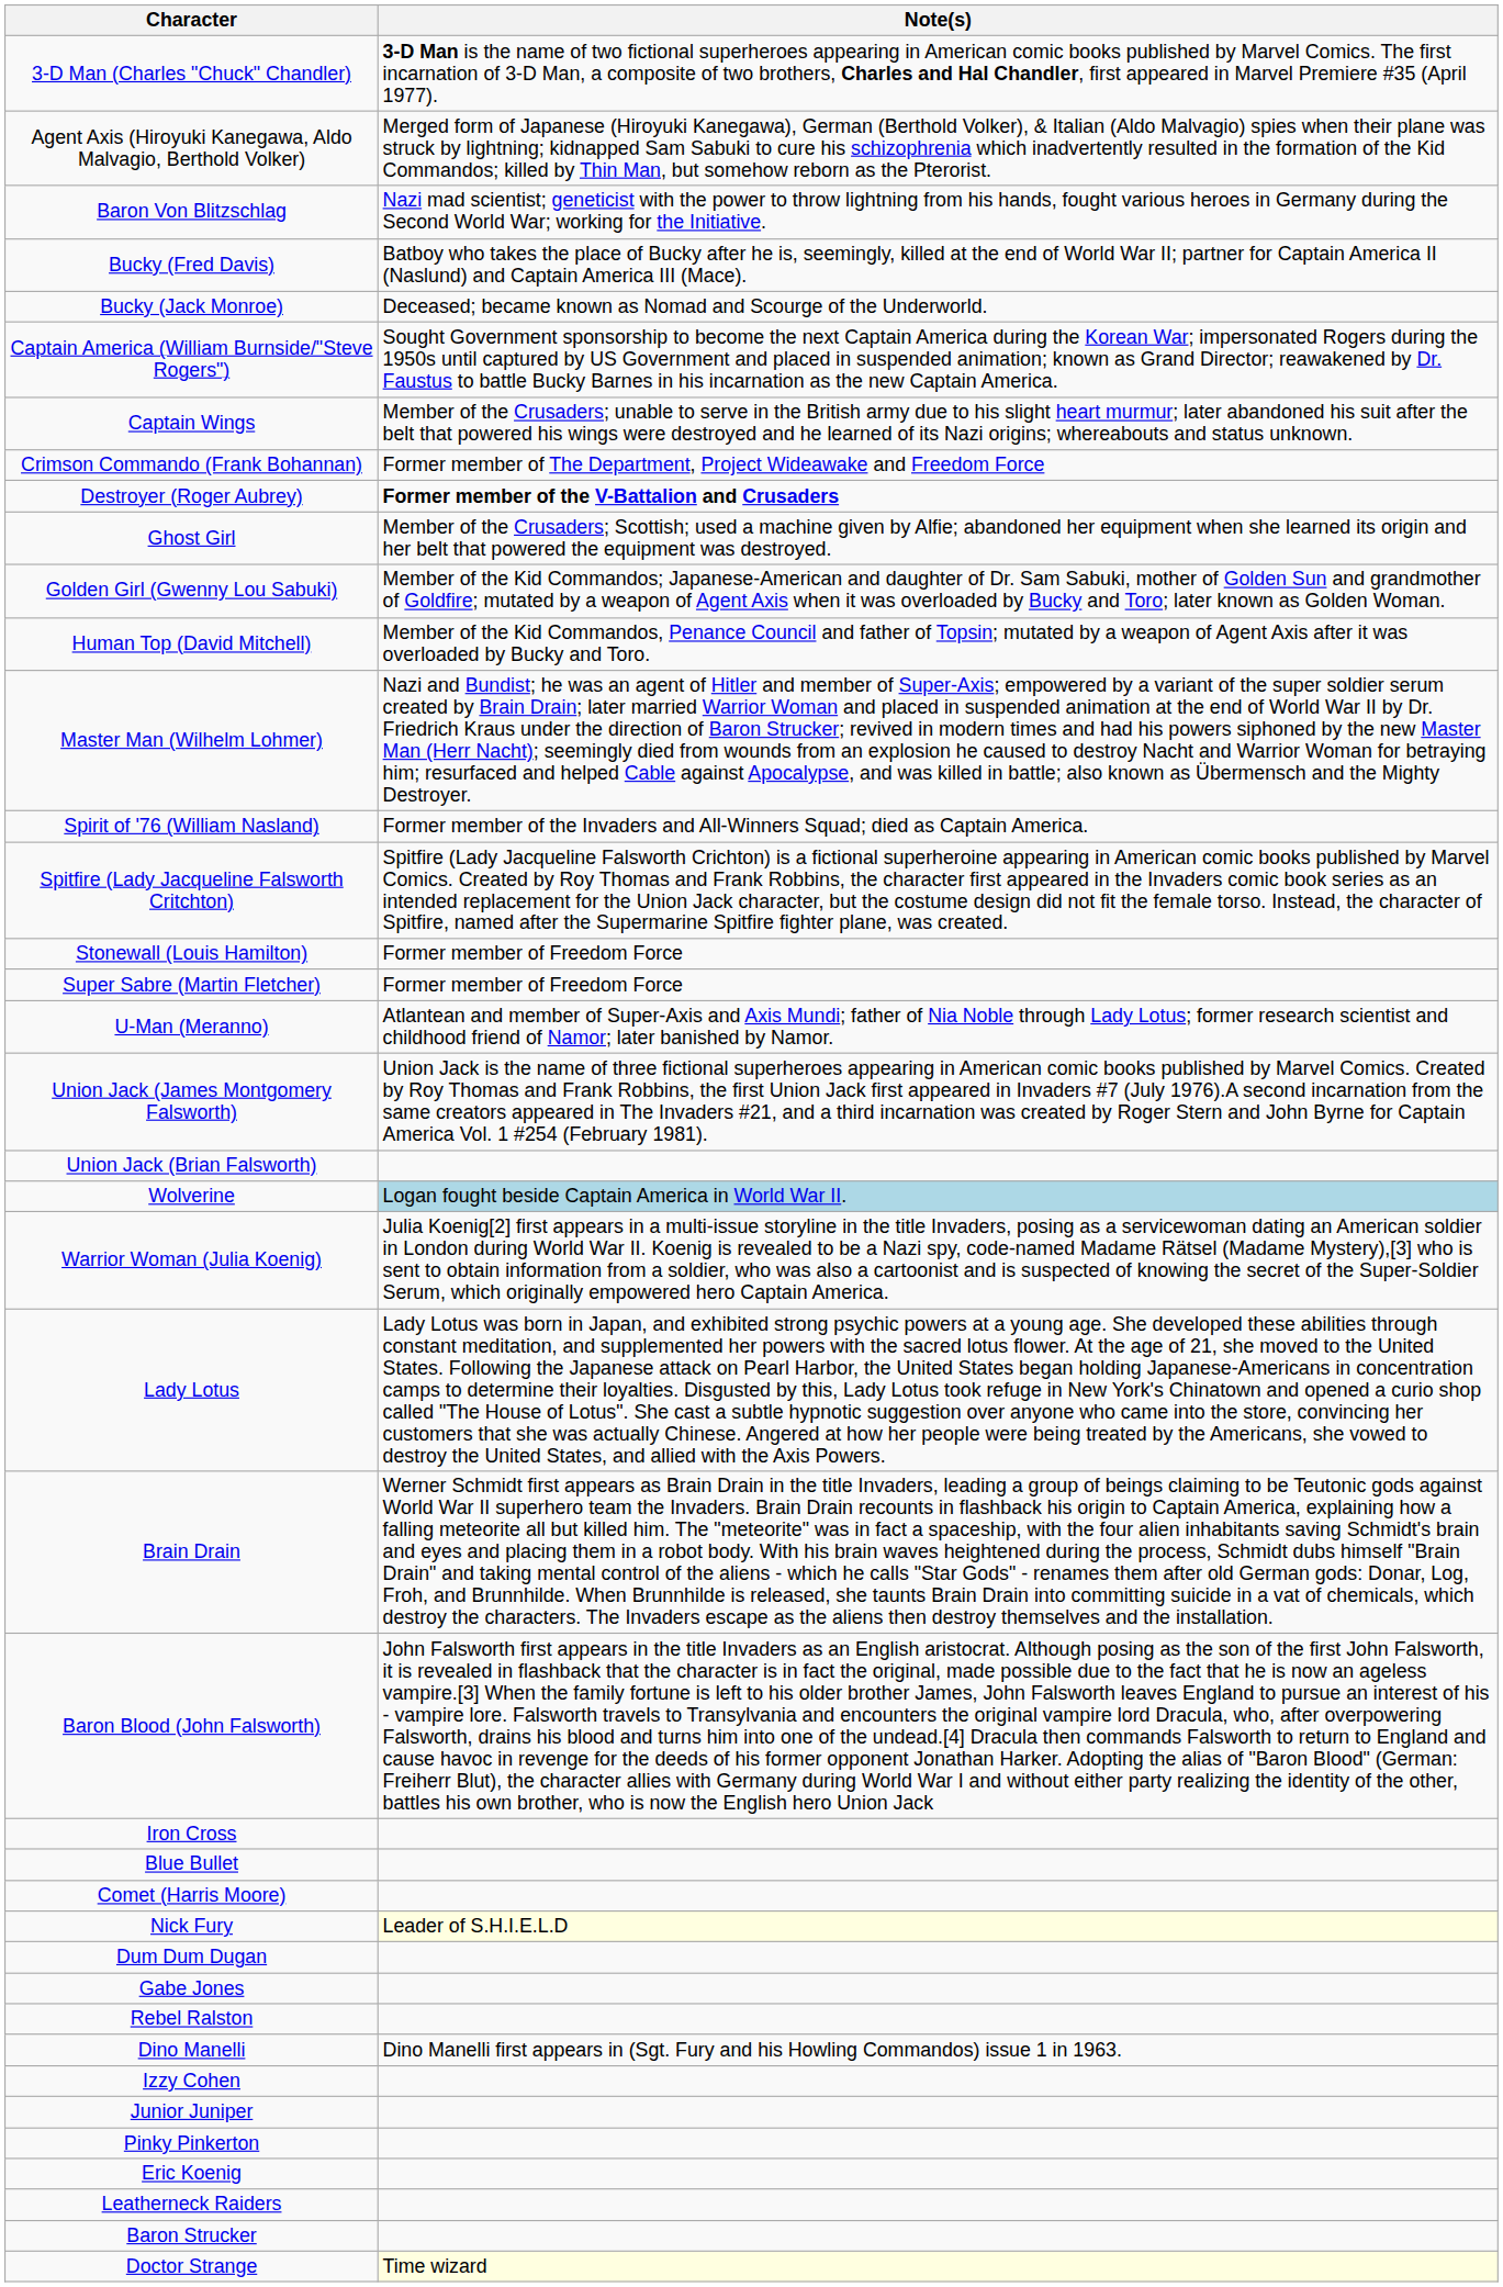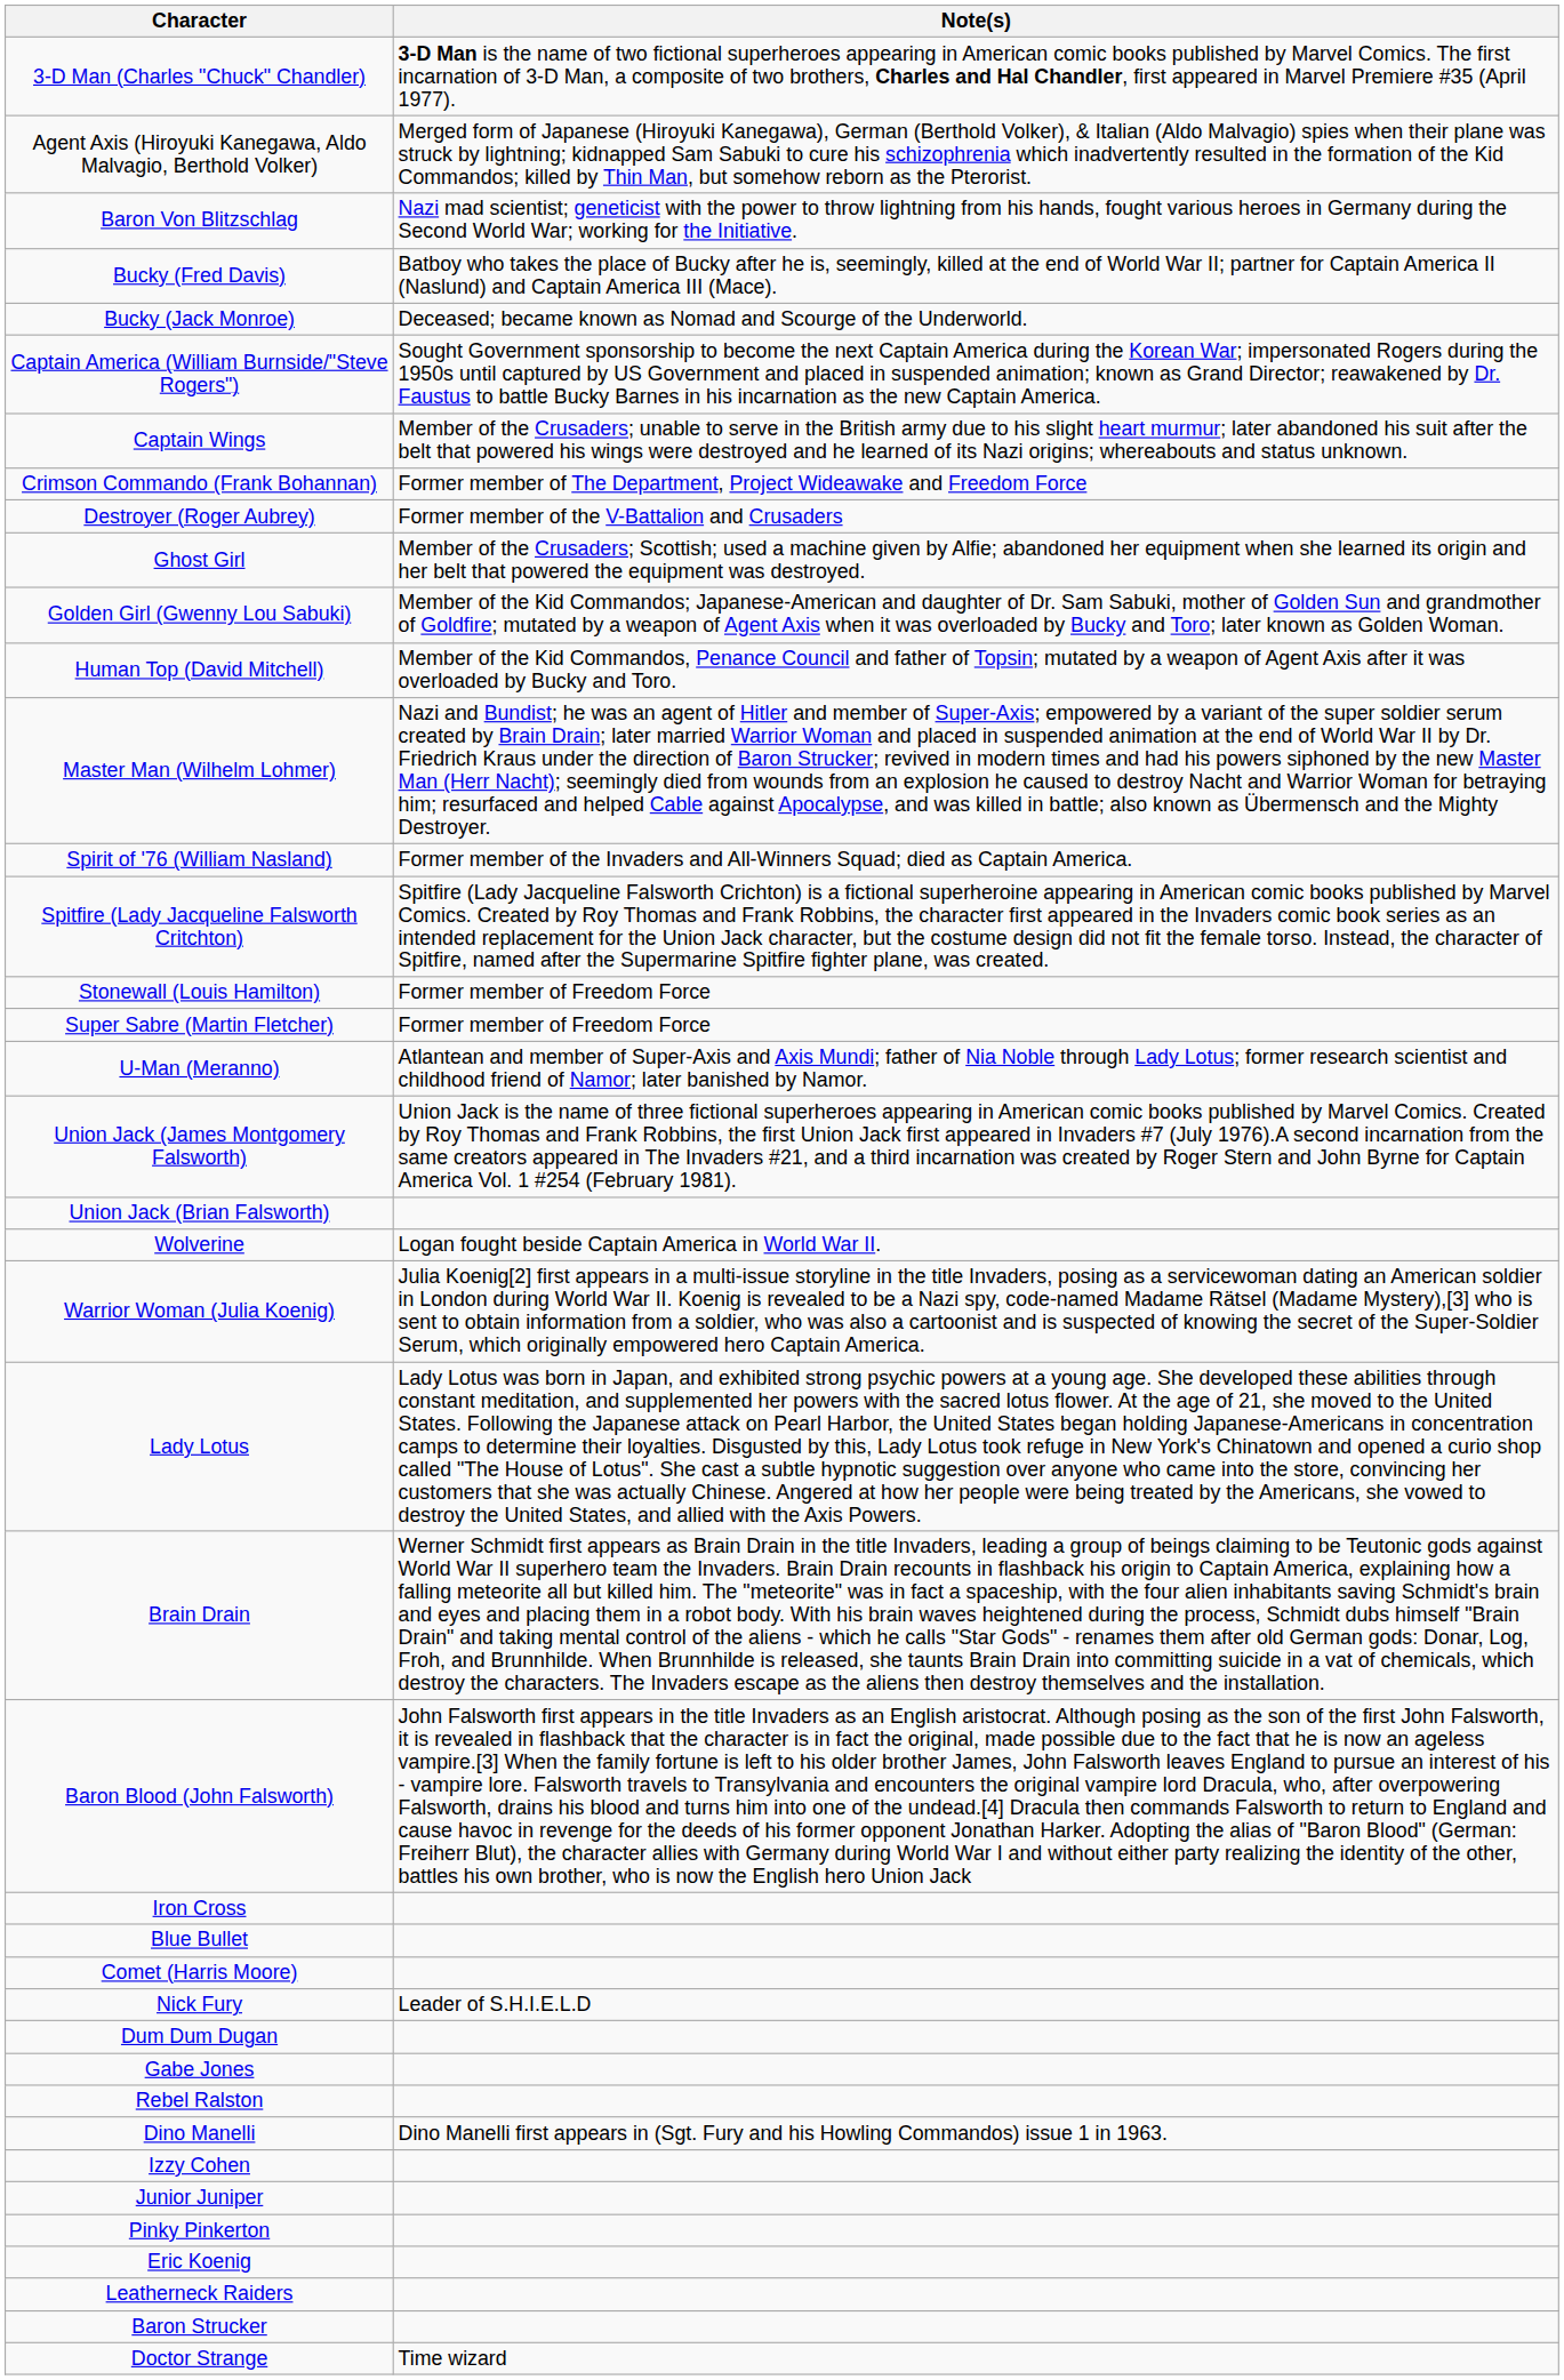 <table class="wikitable sortable" style="width:97%;">
 <tr>
 <th width=25%>Character</th>
 <th width=80%>Note(s)</th>
 </tr>
 <tr>
 <td align=center><a href='#'>3-D Man (Charles "Chuck" Chandler)</a></td>
 <td><strong>3-D Man</strong> is the name of two fictional superheroes appearing in American comic books published by Marvel Comics. The first incarnation of 3-D Man, a composite of two brothers, <strong>Charles and Hal Chandler</strong>, first appeared in Marvel Premiere #35 (April 1977).</td>
 </tr>
 <tr>
 <td align=center>Agent Axis (Hiroyuki Kanegawa, Aldo Malvagio, Berthold Volker)</td>
 <td>Merged form of Japanese (Hiroyuki Kanegawa), German (Berthold Volker), & Italian (Aldo Malvagio) spies when their plane was struck by lightning; kidnapped Sam Sabuki to cure his <a href='#'>schizophrenia</a> which inadvertently resulted in the formation of the Kid Commandos; killed by <a href='#'>Thin Man</a>, but somehow reborn as the Pterorist.</td>
 </tr>
 <tr>
 <td align=center><a href='#'>Baron Von Blitzschlag</a></td>
 <td><a href='#'>Nazi</a> mad scientist; <a href='#'>geneticist</a> with the power to throw lightning from his hands, fought various heroes in Germany during the Second World War; working for <a href='#'>the Initiative</a>.</td>
 </tr>
 <tr>
 <td align=center><a href='#'>Bucky (Fred Davis)</a></td>
 <td>Batboy who takes the place of Bucky after he is, seemingly, killed at the end of World War II; partner for Captain America II (Naslund) and Captain America III (Mace).</td>
 </tr>
 <tr>
 <td align=center><a href='#'>Bucky (Jack Monroe)</a></td>
 <td>Deceased; became known as Nomad and Scourge of the Underworld.</td>
 </tr>
 <tr>
 <td align=center><a href='#'>Captain America (William Burnside/"Steve Rogers")</a></td>
 <td>Sought Government sponsorship to become the next Captain America during the <a href='#'>Korean War</a>; impersonated Rogers during the 1950s until captured by US Government and placed in suspended animation; known as Grand Director; reawakened by <a href='#'>Dr. Faustus</a> to battle Bucky Barnes in his incarnation as the new Captain America.</td>
 </tr>
 <tr>
 <td align=center><a href='#'>Captain Wings</a></td>
 <td>Member of the <a href='#'>Crusaders</a>; unable to serve in the British army due to his slight <a href='#'>heart murmur</a>; later abandoned his suit after the belt that powered his wings were destroyed and he learned of its Nazi origins; whereabouts and status unknown.</td>
 </tr>
 <tr>
 <td align=center><a href='#'>Crimson Commando (Frank Bohannan)</a></td>
 <td>Former member of <a href='#'>The Department</a>, <a href='#'>Project Wideawake</a> and <a href='#'>Freedom Force</a></td>
 </tr>
 <tr>
 <td align=center><a href='#'>Destroyer (Roger Aubrey)</a></td>
-<td><strong>Former member of the <a href='#'>V-Battalion</a> and <a href='#'>Crusaders</a></strong></td>
+<td>Former member of the <a href='#'>V-Battalion</a> and <a href='#'>Crusaders</a></td>
 </tr>
 <tr>
 <td align=center><a href='#'>Ghost Girl</a></td>
 <td>Member of the <a href='#'>Crusaders</a>; Scottish; used a machine given by Alfie; abandoned her equipment when she learned its origin and her belt that powered the equipment was destroyed.</td>
 </tr>
 <tr>
 <td align=center><a href='#'>Golden Girl (Gwenny Lou Sabuki)</a></td>
 <td>Member of the Kid Commandos; Japanese-American and daughter of Dr. Sam Sabuki, mother of <a href='#'>Golden Sun</a> and grandmother of <a href='#'>Goldfire</a>; mutated by a weapon of <a href='#'>Agent Axis</a> when it was overloaded by <a href='#'>Bucky</a> and <a href='#'>Toro</a>; later known as Golden Woman.</td>
 </tr>
 <tr>
 <td align=center><a href='#'>Human Top (David Mitchell)</a></td>
 <td>Member of the Kid Commandos, <a href='#'>Penance Council</a> and father of <a href='#'>Topsin</a>; mutated by a weapon of Agent Axis after it was overloaded by Bucky and Toro.</td>
 </tr>
 <tr>
 <td align=center><a href='#'>Master Man (Wilhelm Lohmer)</a></td>
 <td>Nazi and <a href='#'>Bundist</a>; he was an agent of <a href='#'>Hitler</a> and member of <a href='#'>Super-Axis</a>; empowered by a variant of the super soldier serum created by <a href='#'>Brain Drain</a>; later married <a href='#'>Warrior Woman</a> and placed in suspended animation at the end of World War II by Dr. Friedrich Kraus under the direction of <a href='#'>Baron Strucker</a>; revived in modern times and had his powers siphoned by the new <a href='#'>Master Man (Herr Nacht)</a>; seemingly died from wounds from an explosion he caused to destroy Nacht and Warrior Woman for betraying him; resurfaced and helped <a href='#'>Cable</a> against <a href='#'>Apocalypse</a>, and was killed in battle; also known as Übermensch and the Mighty Destroyer.</td>
 </tr>
 <tr>
 <td align=center><a href='#'>Spirit of '76 (William Nasland)</a></td>
 <td>Former member of the Invaders and All-Winners Squad; died as Captain America.</td>
 </tr>
 <tr>
 <td align=center><a href='#'>Spitfire (Lady Jacqueline Falsworth Critchton)</a></td>
 <td>Spitfire (Lady Jacqueline Falsworth Crichton) is a fictional superheroine appearing in American comic books published by Marvel Comics. Created by Roy Thomas and Frank Robbins, the character first appeared in the Invaders comic book series as an intended replacement for the Union Jack character, but the costume design did not fit the female torso. Instead, the character of Spitfire, named after the Supermarine Spitfire fighter plane, was created.</td>
 </tr>
 <tr>
 <td align=center><a href='#'>Stonewall (Louis Hamilton)</a></td>
 <td>Former member of Freedom Force</td>
 </tr>
 <tr>
 <td align=center><a href='#'>Super Sabre (Martin Fletcher)</a></td>
 <td>Former member of Freedom Force</td>
 </tr>
 <tr>
 <td align=center><a href='#'>U-Man (Meranno)</a></td>
 <td>Atlantean and member of Super-Axis and <a href='#'>Axis Mundi</a>; father of <a href='#'>Nia Noble</a> through <a href='#'>Lady Lotus</a>; former research scientist and childhood friend of <a href='#'>Namor</a>; later banished by Namor.</td>
 </tr>
 <tr>
 <td align=center><a href='#'>Union Jack (James Montgomery Falsworth)</a></td>
 <td>Union Jack is the name of three fictional superheroes appearing in American comic books published by Marvel Comics. Created by Roy Thomas and Frank Robbins, the first Union Jack first appeared in Invaders #7 (July 1976).A second incarnation from the same creators appeared in The Invaders #21, and a third incarnation was created by Roger Stern and John Byrne for Captain America Vol. 1 #254 (February 1981).</td>
 </tr>
 <tr>
 <td align=center><a href='#'>Union Jack (Brian Falsworth)</a></td>
 <td></td>
 </tr>
 <tr>
 <td align=center><a href='#'>Wolverine</a></td>
-<td style="background: lightblue;">Logan fought beside Captain America in <a href='#'>World War II</a>.</td>
+<td>Logan fought beside Captain America in <a href='#'>World War II</a>.</td>
 </tr>
 <tr>
 <td align=center><a href='#'>Warrior Woman (Julia Koenig)</a></td>
 <td>Julia Koenig[2] first appears in a multi-issue storyline in the title Invaders, posing as a servicewoman dating an American soldier in London during World War II. Koenig is revealed to be a Nazi spy, code-named Madame Rätsel (Madame Mystery),[3] who is sent to obtain information from a soldier, who was also a cartoonist and is suspected of knowing the secret of the Super-Soldier Serum, which originally empowered hero Captain America.</td>
 </tr>
 <tr>
 <td align=center><a href='#'>Lady Lotus</a></td>
 <td>Lady Lotus was born in Japan, and exhibited strong psychic powers at a young age. She developed these abilities through constant meditation, and supplemented her powers with the sacred lotus flower. At the age of 21, she moved to the United States. Following the Japanese attack on Pearl Harbor, the United States began holding Japanese-Americans in concentration camps to determine their loyalties. Disgusted by this, Lady Lotus took refuge in New York's Chinatown and opened a curio shop called "The House of Lotus". She cast a subtle hypnotic suggestion over anyone who came into the store, convincing her customers that she was actually Chinese. Angered at how her people were being treated by the Americans, she vowed to destroy the United States, and allied with the Axis Powers.</td>
 </tr>
 <tr>
 <td align=center><a href='#'>Brain Drain</a></td>
 <td>Werner Schmidt first appears as Brain Drain in the title Invaders, leading a group of beings claiming to be Teutonic gods against World War II superhero team the Invaders. Brain Drain recounts in flashback his origin to Captain America, explaining how a falling meteorite all but killed him. The "meteorite" was in fact a spaceship, with the four alien inhabitants saving Schmidt's brain and eyes and placing them in a robot body. With his brain waves heightened during the process, Schmidt dubs himself "Brain Drain" and taking mental control of the aliens - which he calls "Star Gods" - renames them after old German gods: Donar, Log, Froh, and Brunnhilde. When Brunnhilde is released, she taunts Brain Drain into committing suicide in a vat of chemicals, which destroy the characters. The Invaders escape as the aliens then destroy themselves and the installation.</td>
 </tr>
 <tr>
 <td align=center><a href='#'>Baron Blood (John Falsworth)</a></td>
 <td>John Falsworth first appears in the title Invaders as an English aristocrat. Although posing as the son of the first John Falsworth, it is revealed in flashback that the character is in fact the original, made possible due to the fact that he is now an ageless vampire.[3] When the family fortune is left to his older brother James, John Falsworth leaves England to pursue an interest of his - vampire lore. Falsworth travels to Transylvania and encounters the original vampire lord Dracula, who, after overpowering Falsworth, drains his blood and turns him into one of the undead.[4] Dracula then commands Falsworth to return to England and cause havoc in revenge for the deeds of his former opponent Jonathan Harker. Adopting the alias of "Baron Blood" (German: Freiherr Blut), the character allies with Germany during World War I and without either party realizing the identity of the other, battles his own brother, who is now the English hero Union Jack</td>
 </tr>
 <tr>
 <td align=center><a href='#'>Iron Cross</a></td>
 <td></td>
 </tr>
 <tr>
 <td align=center><a href='#'>Blue Bullet</a></td>
 <td></td>
 </tr>
 <tr>
 <td align=center><a href='#'>Comet (Harris Moore)</a></td>
 <td></td>
 </tr>
 <tr>
 <td align=center><a href='#'>Nick Fury</a></td>
-<td style="background: lightyellow;">Leader of S.H.I.E.L.D</td>
+<td>Leader of S.H.I.E.L.D</td>
 </tr>
 <tr>
 <td align=center><a href='#'>Dum Dum Dugan</a></td>
 <td></td>
 </tr>
 <tr>
 <td align=center><a href='#'>Gabe Jones</a></td>
 <td></td>
 </tr>
 <tr>
 <td align=center><a href='#'>Rebel Ralston</a></td>
 <td></td>
 </tr>
 <tr>
 <td align=center><a href='#'>Dino Manelli</a></td>
 <td>Dino Manelli first appears in (Sgt. Fury and his Howling Commandos) issue 1 in 1963.</td>
 </tr>
 <tr>
 <td align=center><a href='#'>Izzy Cohen</a></td>
 <td></td>
 </tr>
 <tr>
 <td align=center><a href='#'>Junior Juniper</a></td>
 <td></td>
 </tr>
 <tr>
 <td align=center><a href='#'>Pinky Pinkerton</a></td>
 <td></td>
 </tr>
 <tr>
 <td align=center><a href='#'>Eric Koenig</a></td>
 <td></td>
 </tr>
 <tr>
 <td align=center><a href='#'>Leatherneck Raiders</a></td>
 <td></td>
 </tr>
 <tr>
 <td align=center><a href='#'>Baron Strucker</a></td>
 <td></td>
 </tr>
 <tr>
 <td align=center><a href='#'>Doctor Strange</a></td>
-<td style="background: lightyellow;">Time wizard</td>
+<td>Time wizard</td>
 </tr>
 </table>
